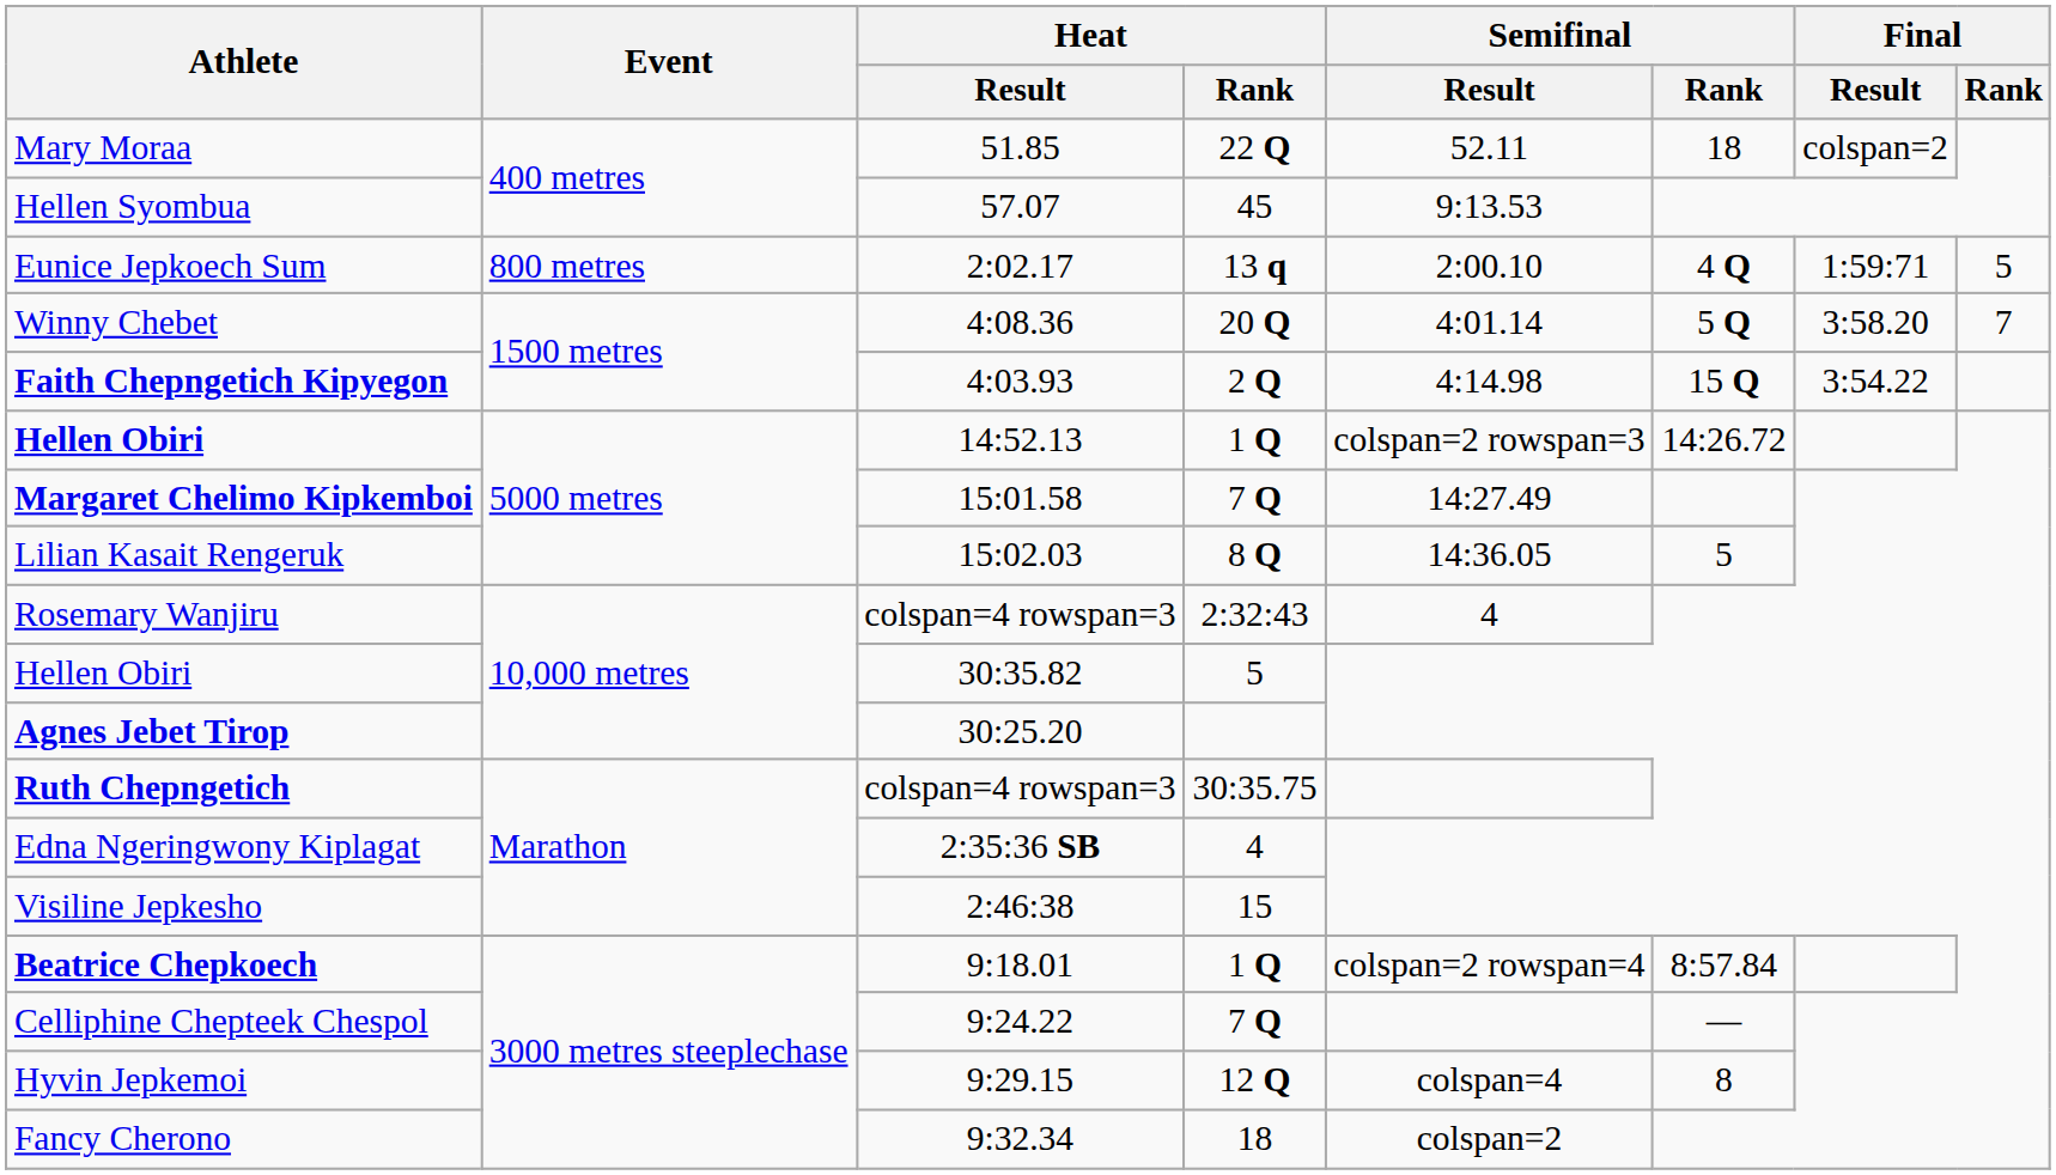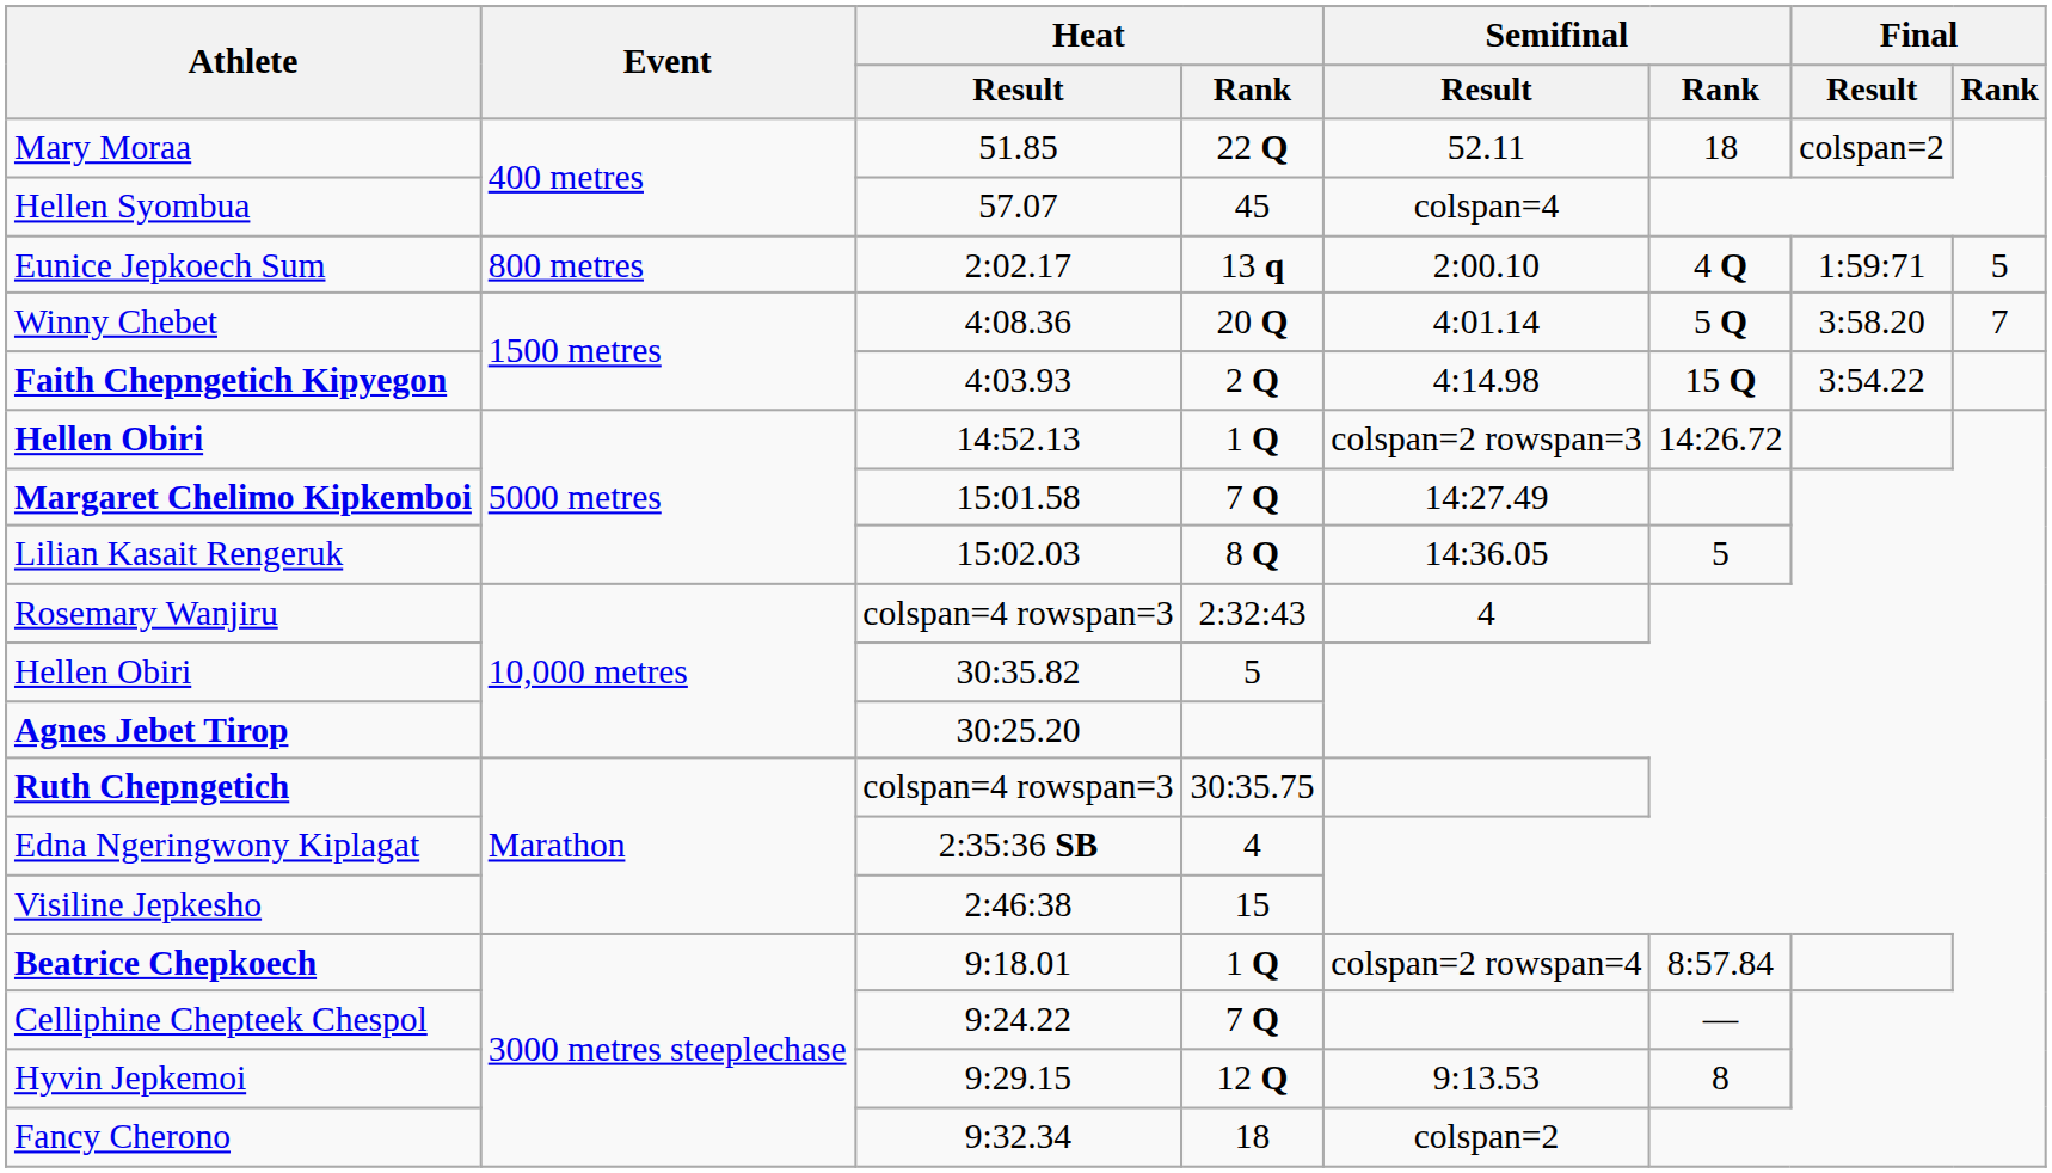 <table class="wikitable" style="font-size:90%">
 <tr>
 <th rowspan="2">Athlete</th>
 <th rowspan="2">Event</th>
 <th colspan="2">Heat</th>
 <th colspan="2">Semifinal</th>
 <th colspan="2">Final</th>
 </tr>
 <tr style="font-size:95%">
 <th>Result</th>
 <th>Rank</th>
 <th>Result</th>
 <th>Rank</th>
 <th>Result</th>
 <th>Rank</th>
 </tr>
 <tr style=text-align:center>
 <td style=text-align:left><a href='#'>Mary Moraa</a></td>
 <td style=text-align:left rowspan=2><a href='#'>400 metres</a></td>
 <td>51.85</td>
 <td>22 <strong>Q</strong></td>
 <td>52.11</td>
 <td>18</td>
 <td>colspan=2 </td>
 </tr>
 <tr style=text-align:center>
 <td style=text-align:left><a href='#'>Hellen Syombua</a></td>
 <td>57.07</td>
 <td>45</td>
-<td>9:13.53</td>
+<td>colspan=4 </td>
 </tr>
 <tr style=text-align:center>
 <td style=text-align:left><a href='#'>Eunice Jepkoech Sum</a></td>
 <td style=text-align:left><a href='#'>800 metres</a></td>
 <td>2:02.17</td>
 <td>13 <strong>q</strong></td>
 <td>2:00.10</td>
 <td>4 <strong>Q</strong></td>
 <td>1:59:71</td>
 <td>5</td>
 </tr>
 <tr style=text-align:center>
 <td style=text-align:left><a href='#'>Winny Chebet</a></td>
 <td style=text-align:left rowspan=2><a href='#'>1500 metres</a></td>
 <td>4:08.36</td>
 <td>20 <strong>Q</strong></td>
 <td>4:01.14</td>
 <td>5 <strong>Q</strong></td>
 <td>3:58.20 </td>
 <td>7</td>
 </tr>
 <tr style=text-align:center>
 <td style=text-align:left><strong><a href='#'>Faith Chepngetich Kipyegon</a></strong></td>
 <td>4:03.93</td>
 <td>2 <strong>Q</strong></td>
 <td>4:14.98</td>
 <td>15 <strong>Q</strong></td>
 <td>3:54.22 <strong></strong></td>
 <td></td>
 </tr>
 <tr style=text-align:center>
 <td style=text-align:left><strong><a href='#'>Hellen Obiri</a></strong></td>
 <td style=text-align:left rowspan=3><a href='#'>5000 metres</a></td>
 <td>14:52.13</td>
 <td>1 <strong>Q</strong></td>
 <td>colspan=2 rowspan=3 </td>
 <td>14:26.72 <strong></strong></td>
 <td></td>
 </tr>
 <tr style=text-align:center>
 <td style=text-align:left><strong><a href='#'>Margaret Chelimo Kipkemboi</a></strong></td>
 <td>15:01.58</td>
 <td>7 <strong>Q</strong></td>
 <td>14:27.49 </td>
 <td></td>
 </tr>
 <tr style=text-align:center>
 <td style=text-align:left><a href='#'>Lilian Kasait Rengeruk</a></td>
 <td>15:02.03</td>
 <td>8 <strong>Q</strong></td>
 <td>14:36.05 </td>
 <td>5</td>
 </tr>
 <tr style=text-align:center>
 <td style=text-align:left><a href='#'>Rosemary Wanjiru</a></td>
 <td style=text-align:left rowspan=3><a href='#'>10,000 metres</a></td>
 <td>colspan=4 rowspan=3 </td>
 <td>2:32:43</td>
 <td>4</td>
 </tr>
 <tr style=text-align:center>
 <td style=text-align:left><a href='#'>Hellen Obiri</a></td>
 <td>30:35.82 </td>
 <td>5</td>
 </tr>
 <tr style=text-align:center>
 <td style=text-align:left><strong><a href='#'>Agnes Jebet Tirop</a></strong></td>
 <td>30:25.20 </td>
 <td></td>
 </tr>
 <tr style=text-align:center>
 <td style=text-align:left><strong><a href='#'>Ruth Chepngetich</a></strong></td>
 <td style=text-align:left rowspan=3><a href='#'>Marathon</a></td>
 <td>colspan=4 rowspan=3 </td>
 <td>30:35.75 </td>
 <td></td>
 </tr>
 <tr style=text-align:center>
 <td style=text-align:left><a href='#'>Edna Ngeringwony Kiplagat</a></td>
 <td>2:35:36 <strong>SB</strong></td>
 <td>4</td>
 </tr>
 <tr style=text-align:center>
 <td style=text-align:left><a href='#'>Visiline Jepkesho</a></td>
 <td>2:46:38</td>
 <td>15</td>
 </tr>
 <tr style=text-align:center>
 <td style=text-align:left><strong><a href='#'>Beatrice Chepkoech</a></strong></td>
 <td style=text-align:left rowspan=4><a href='#'>3000 metres steeplechase</a></td>
 <td>9:18.01</td>
 <td>1 <strong>Q</strong></td>
 <td>colspan=2 rowspan=4</td>
 <td>8:57.84 <strong></strong></td>
 <td></td>
 </tr>
 <tr style=text-align:center>
 <td style=text-align:left><a href='#'>Celliphine Chepteek Chespol</a></td>
 <td>9:24.22</td>
 <td>7 <strong>Q</strong></td>
 <td></td>
 <td>—</td>
 </tr>
 <tr style=text-align:center>
 <td style=text-align:left><a href='#'>Hyvin Jepkemoi</a></td>
 <td>9:29.15</td>
 <td>12 <strong>Q</strong></td>
-<td>colspan=4 </td>
+<td>9:13.53</td>
 <td>8</td>
 </tr>
 <tr style=text-align:center>
 <td style=text-align:left><a href='#'>Fancy Cherono</a></td>
 <td>9:32.34</td>
 <td>18</td>
 <td>colspan=2 </td>
 </tr>
 </table>
